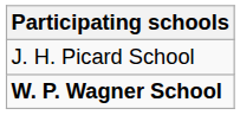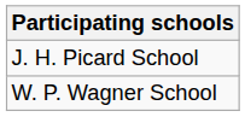 <table class="wikitable" align=right>
 <tr>
 <th>Participating schools</th>
 </tr>
 <tr>
 <td>J. H. Picard School</td>
 </tr>
 <tr>
-<td><strong>W. P. Wagner School</strong></td>
+<td>W. P. Wagner School</td>
 </tr>
 </table>
